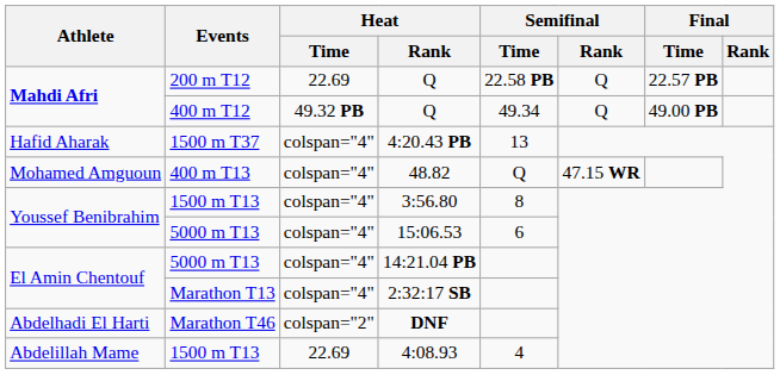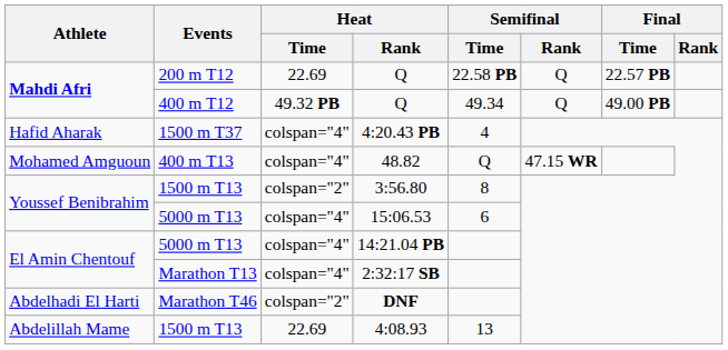 <table class=wikitable style="font-size:90%">
 <tr>
 <th rowspan="2">Athlete</th>
 <th rowspan="2">Events</th>
 <th colspan="2">Heat</th>
 <th colspan="2">Semifinal</th>
 <th colspan="2">Final</th>
 </tr>
 <tr>
 <th>Time</th>
 <th>Rank</th>
 <th>Time</th>
 <th>Rank</th>
 <th>Time</th>
 <th>Rank</th>
 </tr>
 <tr align=center>
 <td align=left rowspan="2"><strong><a href='#'>Mahdi Afri</a></strong></td>
 <td align=left><a href='#'>200 m T12</a></td>
 <td>22.69</td>
 <td>Q</td>
 <td>22.58 <strong>PB</strong></td>
 <td>Q</td>
 <td>22.57 <strong>PB</strong></td>
 <td></td>
 </tr>
 <tr align=center>
 <td align=left><a href='#'>400 m T12</a></td>
 <td>49.32 <strong>PB</strong></td>
 <td>Q</td>
 <td>49.34</td>
 <td>Q</td>
 <td>49.00 <strong>PB</strong></td>
 <td></td>
 </tr>
 <tr align=center>
 <td align=left><a href='#'>Hafid Aharak</a></td>
 <td align=left><a href='#'>1500 m T37</a></td>
 <td>colspan="4" </td>
 <td>4:20.43 <strong>PB</strong></td>
-<td>13</td>
+<td>4</td>
 </tr>
 <tr align=center>
 <td align=left><a href='#'>Mohamed Amguoun</a></td>
 <td align=left><a href='#'>400 m T13</a></td>
 <td>colspan="4" </td>
 <td>48.82</td>
 <td>Q</td>
 <td>47.15 <strong>WR</strong></td>
 <td></td>
 </tr>
 <tr align=center>
 <td align=left rowspan="2"><a href='#'>Youssef Benibrahim</a></td>
 <td align=left><a href='#'>1500 m T13</a></td>
-<td>colspan="4" </td>
+<td>colspan="2" </td>
 <td>3:56.80</td>
 <td>8</td>
 </tr>
 <tr align=center>
 <td align=left><a href='#'>5000 m T13</a></td>
 <td>colspan="4" </td>
 <td>15:06.53</td>
 <td>6</td>
 </tr>
 <tr align=center>
 <td align=left rowspan="2"><a href='#'>El Amin Chentouf</a></td>
 <td align=left><a href='#'>5000 m T13</a></td>
 <td>colspan="4" </td>
 <td>14:21.04 <strong>PB</strong></td>
 <td></td>
 </tr>
 <tr align=center>
 <td align=left><a href='#'>Marathon T13</a></td>
 <td>colspan="4" </td>
 <td>2:32:17 <strong>SB</strong></td>
 <td></td>
 </tr>
 <tr align=center>
 <td align=left><a href='#'>Abdelhadi El Harti</a></td>
 <td align=left><a href='#'>Marathon T46</a></td>
 <td>colspan="2" </td>
 <td><strong>DNF</strong></td>
 <td></td>
 </tr>
 <tr align=center>
 <td align=left><a href='#'>Abdelillah Mame</a></td>
 <td align=left><a href='#'>1500 m T13</a></td>
 <td>22.69</td>
 <td>4:08.93</td>
-<td>4</td>
+<td>13</td>
 </tr>
 </table>
